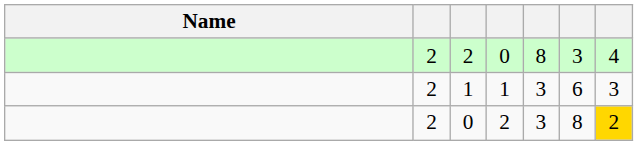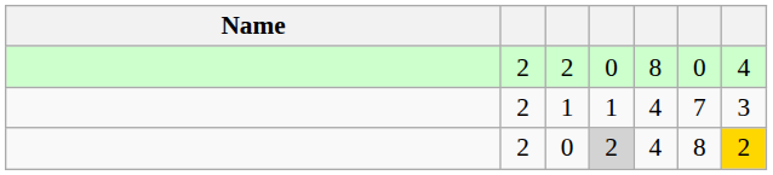 <table class=wikitable style="text-align:center">
 <tr>
 <th width=300>Name</th>
 <th width=20></th>
 <th width=20></th>
 <th width=20></th>
 <th width=20></th>
 <th width=20></th>
 <th width=20></th>
 </tr>
 <tr style="background-color:#ccffcc;">
 <td style="text-align:left;"></td>
 <td>2</td>
 <td>2</td>
 <td>0</td>
 <td>8</td>
-<td>3</td>
+<td>0</td>
 <td>4</td>
 </tr>
 <tr>
 <td style="text-align:left;"></td>
 <td>2</td>
 <td>1</td>
 <td>1</td>
-<td>3</td>
-<td>6</td>
+<td>4</td>
+<td>7</td>
 <td>3</td>
 </tr>
 <tr>
 <td style="text-align:left;"></td>
 <td>2</td>
 <td>0</td>
-<td>2</td>
-<td>3</td>
+<td style="background: lightgrey;">2</td>
+<td>4</td>
 <td>8</td>
 <td style="background: gold;">2</td>
 </tr>
 </table>
